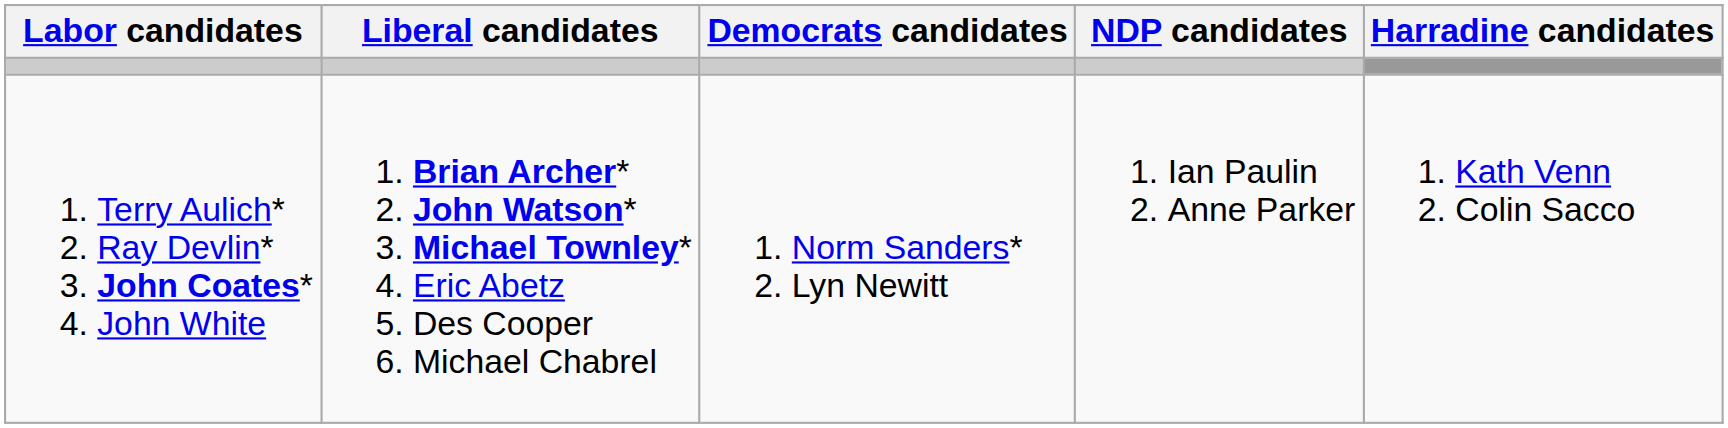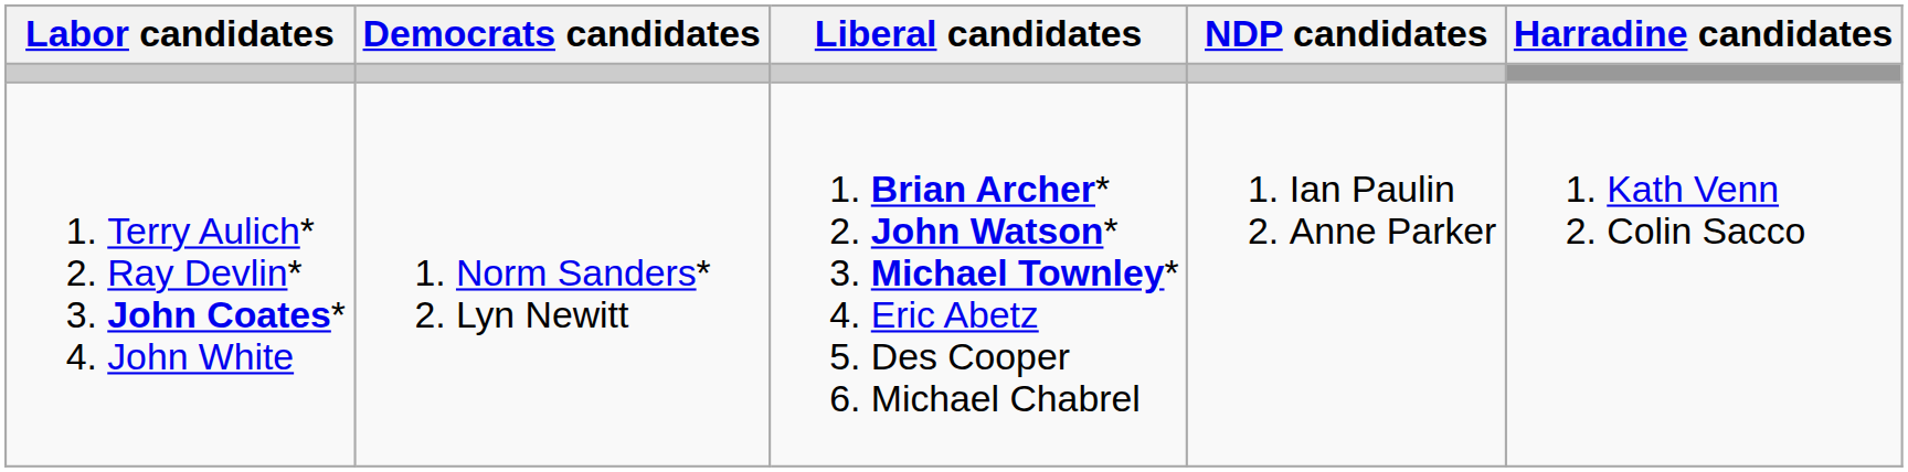 <table class="wikitable">
 <tr>
 <th><a href='#'>Labor</a> candidates</th>
+<th><a href='#'>Democrats</a> candidates</th>
 <th><a href='#'>Liberal</a> candidates</th>
-<th><a href='#'>Democrats</a> candidates</th>
 <th><a href='#'>NDP</a> candidates</th>
 <th><a href='#'>Harradine</a> candidates</th>
 </tr>
 <tr bgcolor="#cccccc">
 <td></td>
 <td></td>
 <td></td>
 <td></td>
 <td bgcolor="#999999"></td>
 </tr>
 <tr>
 <td><br><ol><li><a href='#'>Terry Aulich</a>*</li><li><a href='#'>Ray Devlin</a>*</li><li><strong><a href='#'>John Coates</a></strong>*</li><li><a href='#'>John White</a></li></ol></td>
+<td><br><ol><li><a href='#'>Norm Sanders</a>*</li><li>Lyn Newitt</li></ol></td>
 <td><br><ol><li><strong><a href='#'>Brian Archer</a></strong>*</li><li><strong><a href='#'>John Watson</a></strong>*</li><li><strong><a href='#'>Michael Townley</a></strong>*</li><li><a href='#'>Eric Abetz</a></li><li>Des Cooper</li><li>Michael Chabrel</li></ol></td>
-<td><br><ol><li><a href='#'>Norm Sanders</a>*</li><li>Lyn Newitt</li></ol></td>
 <td valign=top><br><ol><li>Ian Paulin</li><li>Anne Parker</li></ol></td>
 <td valign=top><br><ol><li><a href='#'>Kath Venn</a></li><li>Colin Sacco</li></ol></td>
 </tr>
 </table>
